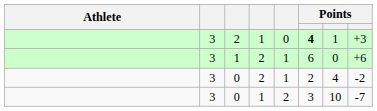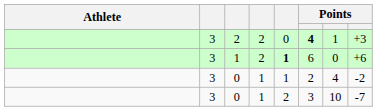 <table class="wikitable" style="text-align: center; font-size:100% ">
 <tr>
 <th rowspan=2 width=250>Athlete</th>
 <th rowspan=2 width=25></th>
 <th rowspan=2 width=25></th>
 <th rowspan=2 width=25></th>
 <th rowspan=2 width=25></th>
 <th colspan=3>Points</th>
 </tr>
 <tr>
 <th width=25></th>
 <th width=25></th>
 <th width=25></th>
 </tr>
 <tr bgcolor="ccffcc">
 <td align=left></td>
 <td>3</td>
 <td>2</td>
-<td>1</td>
+<td>2</td>
 <td>0</td>
 <td><strong>4</strong></td>
 <td>1</td>
 <td>+3</td>
 </tr>
 <tr bgcolor="ccffcc">
 <td align=left></td>
 <td>3</td>
 <td>1</td>
 <td>2</td>
-<td>1</td>
+<td><strong>1</strong></td>
 <td>6</td>
 <td>0</td>
 <td>+6</td>
 </tr>
 <tr>
 <td align=left></td>
 <td>3</td>
 <td>0</td>
-<td>2</td>
+<td>1</td>
 <td>1</td>
 <td>2</td>
 <td>4</td>
 <td>-2</td>
 </tr>
 <tr>
 <td align=left></td>
 <td>3</td>
 <td>0</td>
 <td>1</td>
 <td>2</td>
 <td>3</td>
 <td>10</td>
 <td>-7</td>
 </tr>
 </table>
